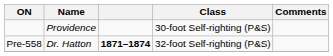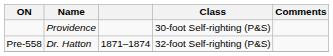 <table class="wikitable">
 <tr>
 <th>ON</th>
 <th>Name</th>
 <th></th>
 <th>Class</th>
 <th>Comments</th>
 </tr>
 <tr>
 <td></td>
 <td><em>Providence</em></td>
 <td></td>
 <td>30-foot Self-righting (P&S)</td>
 <td></td>
 </tr>
 <tr>
 <td>Pre-558</td>
 <td><em>Dr. Hatton</em></td>
-<td><strong>1871–1874</strong></td>
+<td>1871–1874</td>
 <td>32-foot Self-righting (P&S)</td>
 <td></td>
 </tr>
 <tr>
 </tr>
 </table>
